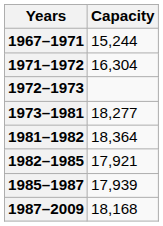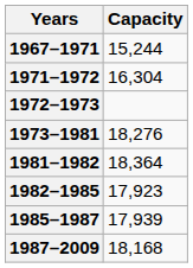 <table class="wikitable">
 <tr>
 <th>Years</th>
 <th>Capacity</th>
 </tr>
 <tr>
 <th>1967–1971</th>
 <td>15,244</td>
 </tr>
 <tr>
 <th>1971–1972</th>
 <td>16,304</td>
 </tr>
 <tr>
 <th>1972–1973</th>
 <td></td>
 </tr>
 <tr>
 <th>1973–1981</th>
-<td>18,277</td>
+<td>18,276</td>
 </tr>
 <tr>
 <th>1981–1982</th>
 <td>18,364</td>
 </tr>
 <tr>
 <th>1982–1985</th>
-<td>17,921</td>
+<td>17,923</td>
 </tr>
 <tr>
 <th>1985–1987</th>
 <td>17,939</td>
 </tr>
 <tr>
 <th>1987–2009</th>
 <td>18,168</td>
 </tr>
 </table>
